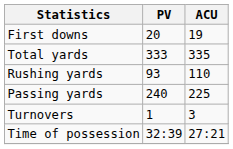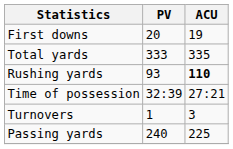 <table class="wikitable">
 <tr>
 <th>Statistics</th>
 <th>PV</th>
 <th>ACU</th>
 </tr>
 <tr>
 <td>First downs</td>
 <td>20</td>
 <td>19</td>
 </tr>
 <tr>
 <td>Total yards</td>
 <td>333</td>
 <td>335</td>
 </tr>
 <tr>
 <td>Rushing yards</td>
 <td>93</td>
-<td>110</td>
+<td><strong>110</strong></td>
+</tr>
+<tr>
+<td>Time of possession</td>
+<td>32:39</td>
+<td>27:21</td>
+</tr>
+<tr>
+<td>Turnovers</td>
+<td>1</td>
+<td>3</td>
 </tr>
 <tr>
 <td>Passing yards</td>
 <td>240</td>
 <td>225</td>
 </tr>
 <tr>
-<td>Turnovers</td>
-<td>1</td>
-<td>3</td>
-</tr>
-<tr>
-<td>Time of possession</td>
-<td>32:39</td>
-<td>27:21</td>
-</tr>
-<tr>
 </tr>
 </table>
